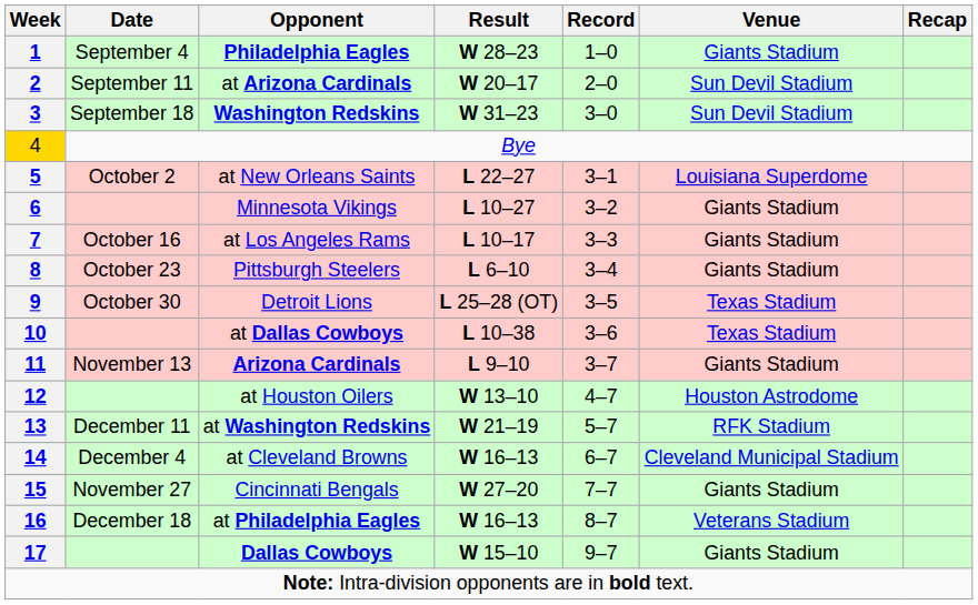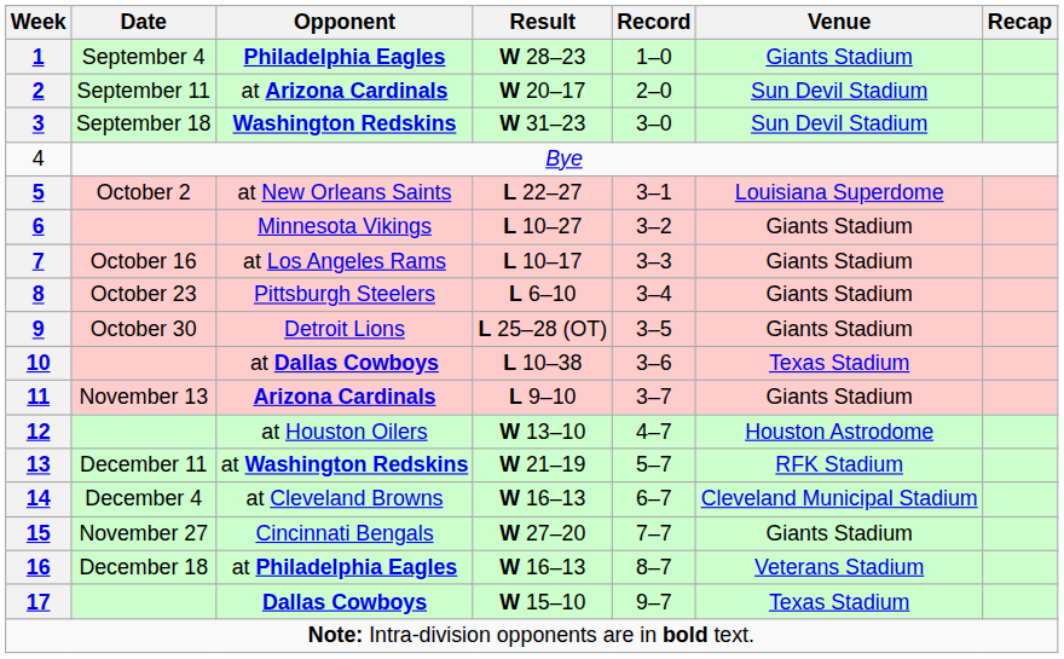 <table class="wikitable" style="text-align:center">
 <tr>
 <th>Week</th>
 <th>Date</th>
 <th>Opponent</th>
 <th>Result</th>
 <th>Record</th>
 <th>Venue</th>
 <th>Recap</th>
 </tr>
 <tr style="background:#cfc">
 <th><a href='#'>1</a></th>
 <td>September 4</td>
 <td><strong><a href='#'>Philadelphia Eagles</a></strong></td>
 <td><strong>W</strong> 28–23</td>
 <td>1–0</td>
 <td><a href='#'>Giants Stadium</a></td>
 <td></td>
 </tr>
 <tr style="background:#cfc">
 <th><a href='#'>2</a></th>
 <td>September 11</td>
 <td>at <strong><a href='#'>Arizona Cardinals</a></strong></td>
 <td><strong>W</strong> 20–17</td>
 <td>2–0</td>
 <td><a href='#'>Sun Devil Stadium</a></td>
 <td></td>
 </tr>
 <tr style="background:#cfc">
 <th><a href='#'>3</a></th>
 <td>September 18</td>
 <td><strong><a href='#'>Washington Redskins</a></strong></td>
 <td><strong>W</strong> 31–23</td>
 <td>3–0</td>
 <td><a href='#'>Sun Devil Stadium</a></td>
 <td></td>
 </tr>
 <tr>
-<td style="background: gold;">4</td>
+<td>4</td>
 <td colspan="6"><em><a href='#'>Bye</a></em></td>
 </tr>
 <tr style="background:#fcc">
 <th><a href='#'>5</a></th>
 <td>October 2</td>
 <td>at <a href='#'>New Orleans Saints</a></td>
 <td><strong>L</strong> 22–27</td>
 <td>3–1</td>
 <td><a href='#'>Louisiana Superdome</a></td>
 <td></td>
 </tr>
 <tr style="background:#fcc">
 <th><a href='#'>6</a></th>
 <td></td>
 <td><a href='#'>Minnesota Vikings</a></td>
 <td><strong>L</strong> 10–27</td>
 <td>3–2</td>
 <td>Giants Stadium</td>
 <td></td>
 </tr>
 <tr style="background:#fcc">
 <th><a href='#'>7</a></th>
 <td>October 16</td>
 <td>at <a href='#'>Los Angeles Rams</a></td>
 <td><strong>L</strong> 10–17</td>
 <td>3–3</td>
 <td>Giants Stadium</td>
 <td></td>
 </tr>
 <tr style="background:#fcc">
 <th><a href='#'>8</a></th>
 <td>October 23</td>
 <td><a href='#'>Pittsburgh Steelers</a></td>
 <td><strong>L</strong> 6–10</td>
 <td>3–4</td>
 <td>Giants Stadium</td>
 <td></td>
 </tr>
 <tr style="background:#fcc">
 <th><a href='#'>9</a></th>
 <td>October 30</td>
 <td><a href='#'>Detroit Lions</a></td>
 <td><strong>L</strong> 25–28 (OT)</td>
 <td>3–5</td>
-<td><a href='#'>Texas Stadium</a></td>
+<td>Giants Stadium</td>
 <td></td>
 </tr>
 <tr style="background:#fcc">
 <th><a href='#'>10</a></th>
 <td></td>
 <td>at <strong><a href='#'>Dallas Cowboys</a></strong></td>
 <td><strong>L</strong> 10–38</td>
 <td>3–6</td>
 <td><a href='#'>Texas Stadium</a></td>
 <td></td>
 </tr>
 <tr style="background:#fcc">
 <th><a href='#'>11</a></th>
 <td>November 13</td>
 <td><strong><a href='#'>Arizona Cardinals</a></strong></td>
 <td><strong>L</strong> 9–10</td>
 <td>3–7</td>
 <td>Giants Stadium</td>
 <td></td>
 </tr>
 <tr style="background:#cfc">
 <th><a href='#'>12</a></th>
 <td></td>
 <td>at <a href='#'>Houston Oilers</a></td>
 <td><strong>W</strong> 13–10</td>
 <td>4–7</td>
 <td><a href='#'>Houston Astrodome</a></td>
 <td></td>
 </tr>
 <tr style="background:#cfc">
 <th><a href='#'>13</a></th>
 <td>December 11</td>
 <td>at <strong><a href='#'>Washington Redskins</a></strong></td>
 <td><strong>W</strong> 21–19</td>
 <td>5–7</td>
 <td><a href='#'>RFK Stadium</a></td>
 <td></td>
 </tr>
 <tr style="background:#cfc">
 <th><a href='#'>14</a></th>
 <td>December 4</td>
 <td>at <a href='#'>Cleveland Browns</a></td>
 <td><strong>W</strong> 16–13</td>
 <td>6–7</td>
 <td><a href='#'>Cleveland Municipal Stadium</a></td>
 <td></td>
 </tr>
 <tr style="background:#cfc">
 <th><a href='#'>15</a></th>
 <td>November 27</td>
 <td><a href='#'>Cincinnati Bengals</a></td>
 <td><strong>W</strong> 27–20</td>
 <td>7–7</td>
 <td>Giants Stadium</td>
 <td></td>
 </tr>
 <tr style="background:#cfc">
 <th><a href='#'>16</a></th>
 <td>December 18</td>
 <td>at <strong><a href='#'>Philadelphia Eagles</a></strong></td>
 <td><strong>W</strong> 16–13</td>
 <td>8–7</td>
 <td><a href='#'>Veterans Stadium</a></td>
 <td></td>
 </tr>
 <tr style="background:#cfc">
 <th><a href='#'>17</a></th>
 <td></td>
 <td><strong><a href='#'>Dallas Cowboys</a></strong></td>
 <td><strong>W</strong> 15–10</td>
 <td>9–7</td>
-<td>Giants Stadium</td>
+<td><a href='#'>Texas Stadium</a></td>
 <td></td>
 </tr>
 <tr>
 <td colspan="8"><strong>Note:</strong> Intra-division opponents are in <strong>bold</strong> text.</td>
 </tr>
 </table>
